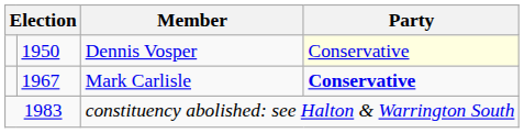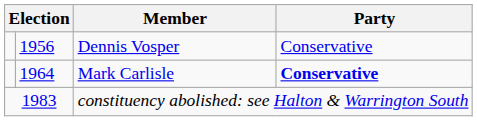 <table class="wikitable">
 <tr>
 <th colspan="2">Election</th>
 <th>Member</th>
 <th>Party</th>
 </tr>
 <tr>
 <td style="color:inherit;background-color: "></td>
-<td><a href='#'>1950</a></td>
+<td><a href='#'>1956</a></td>
 <td><a href='#'>Dennis Vosper</a></td>
-<td style="background: lightyellow;"><a href='#'>Conservative</a></td>
+<td><a href='#'>Conservative</a></td>
 </tr>
 <tr>
 <td style="color:inherit;background-color: "></td>
-<td><a href='#'>1967</a></td>
+<td><a href='#'>1964</a></td>
 <td><a href='#'>Mark Carlisle</a></td>
 <td><strong><a href='#'>Conservative</a></strong></td>
 </tr>
 <tr>
 <td colspan="2" align="center"><a href='#'>1983</a></td>
 <td colspan="2"><em>constituency abolished: see <a href='#'>Halton</a> & <a href='#'>Warrington South</a></em></td>
 </tr>
 </table>
